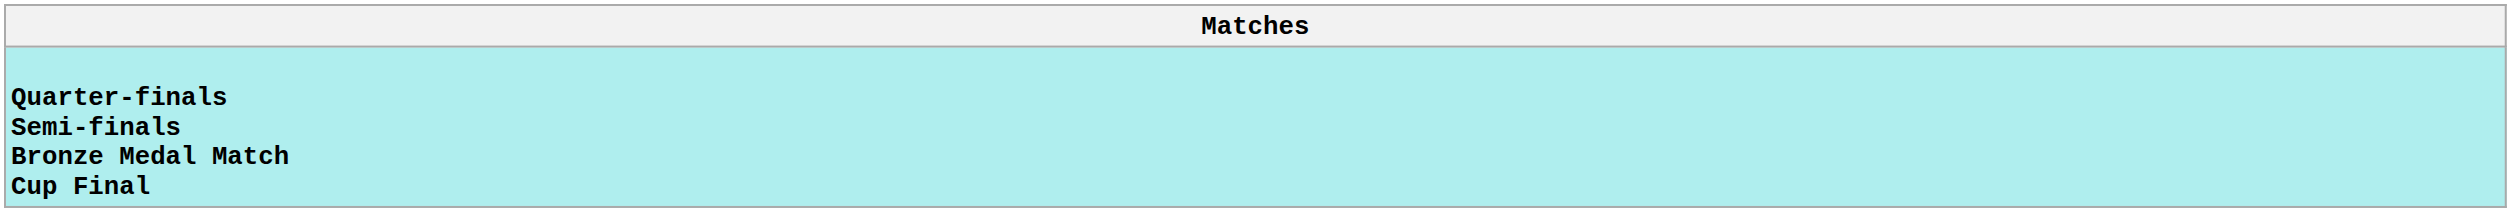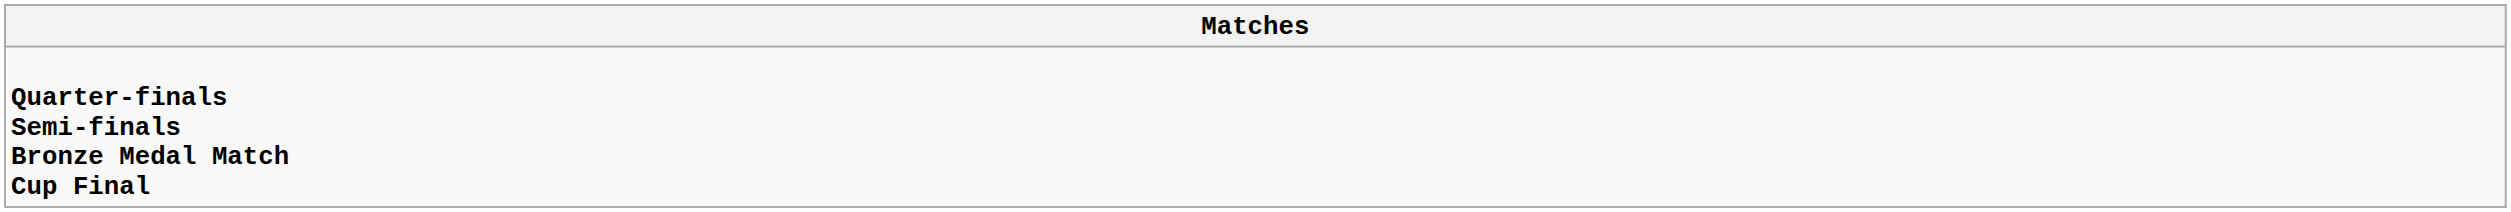 <table class="wikitable collapsible collapsed" style="width:100%;">
 <tr>
 <th>Matches</th>
 </tr>
 <tr>
-<td style="background: paleturquoise;"><br><strong>Quarter-finals</strong>    <br><strong>Semi-finals</strong>  <br><strong>Bronze Medal Match</strong> <br><strong>Cup Final</strong> </td>
+<td><br><strong>Quarter-finals</strong>    <br><strong>Semi-finals</strong>  <br><strong>Bronze Medal Match</strong> <br><strong>Cup Final</strong> </td>
 </tr>
 </table>
